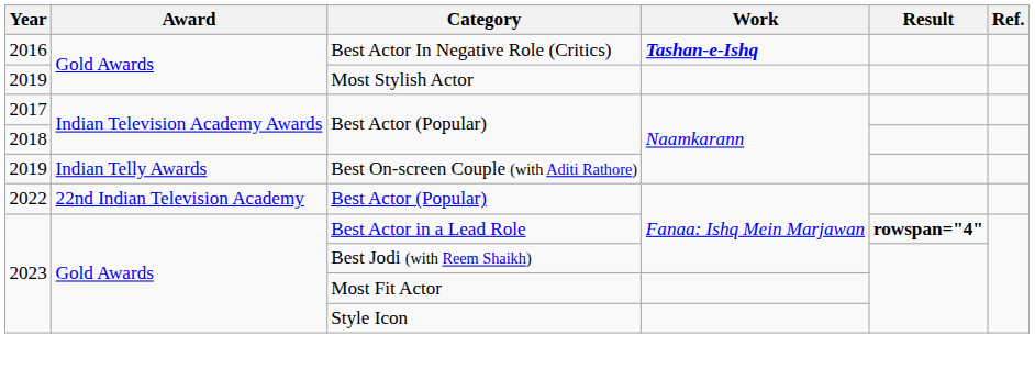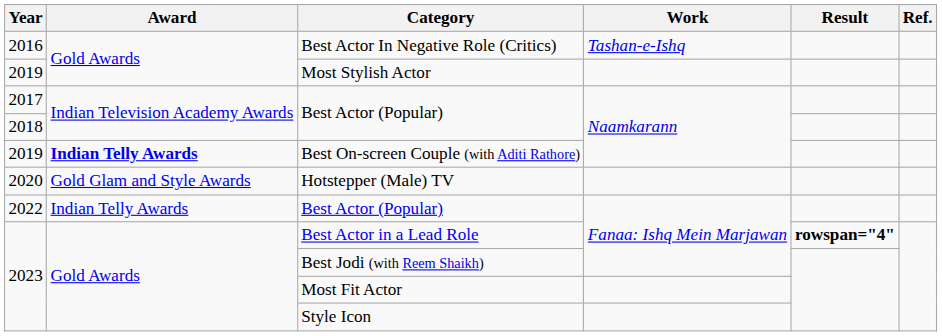 <table class="wikitable sortable">
 <tr>
 <th>Year</th>
 <th>Award</th>
 <th>Category</th>
 <th>Work</th>
 <th>Result</th>
 <th>Ref.</th>
 </tr>
 <tr>
 <td>2016</td>
 <td rowspan="2"><a href='#'>Gold Awards</a></td>
 <td>Best Actor In Negative Role (Critics)</td>
-<td><strong><em><a href='#'>Tashan-e-Ishq</a></em></strong></td>
+<td><em><a href='#'>Tashan-e-Ishq</a></em></td>
 <td></td>
 <td></td>
 </tr>
 <tr>
 <td>2019</td>
 <td>Most Stylish Actor</td>
 <td></td>
 <td></td>
 <td></td>
 </tr>
 <tr>
 <td>2017</td>
 <td rowspan=2><a href='#'>Indian Television Academy Awards</a></td>
 <td rowspan=2>Best Actor (Popular)</td>
 <td rowspan=3><em><a href='#'>Naamkarann</a></em></td>
 <td></td>
 <td></td>
 </tr>
 <tr>
 <td>2018</td>
 <td></td>
 <td></td>
 </tr>
 <tr>
 <td>2019</td>
-<td><a href='#'>Indian Telly Awards</a></td>
+<td><strong><a href='#'>Indian Telly Awards</a></strong></td>
 <td>Best On-screen Couple <small>(with <a href='#'>Aditi Rathore</a>)</small></td>
 <td></td>
 <td></td>
 </tr>
 <tr>
+<td>2020</td>
+<td><a href='#'>Gold Glam and Style Awards</a></td>
+<td>Hotstepper (Male) TV</td>
+<td></td>
+<td></td>
+<td></td>
+</tr>
+<tr>
 <td>2022</td>
-<td><a href='#'>22nd Indian Television Academy</a></td>
+<td><a href='#'>Indian Telly Awards</a></td>
 <td><a href='#'>Best Actor (Popular)</a></td>
 <td rowspan=3><em><a href='#'>Fanaa: Ishq Mein Marjawan</a></em></td>
 <td></td>
 <td></td>
 </tr>
 <tr>
 <td rowspan="4">2023</td>
 <td rowspan="4"><a href='#'>Gold Awards</a></td>
 <td><a href='#'>Best Actor in a Lead Role</a></td>
 <td><strong>rowspan="4" </strong></td>
 <td rowspan="4"></td>
 </tr>
 <tr>
 <td>Best Jodi <small>(with <a href='#'>Reem Shaikh</a>)</small></td>
 </tr>
 <tr>
 <td>Most Fit Actor</td>
 <td></td>
 </tr>
 <tr>
 <td>Style Icon</td>
 <td></td>
 </tr>
 </table>
